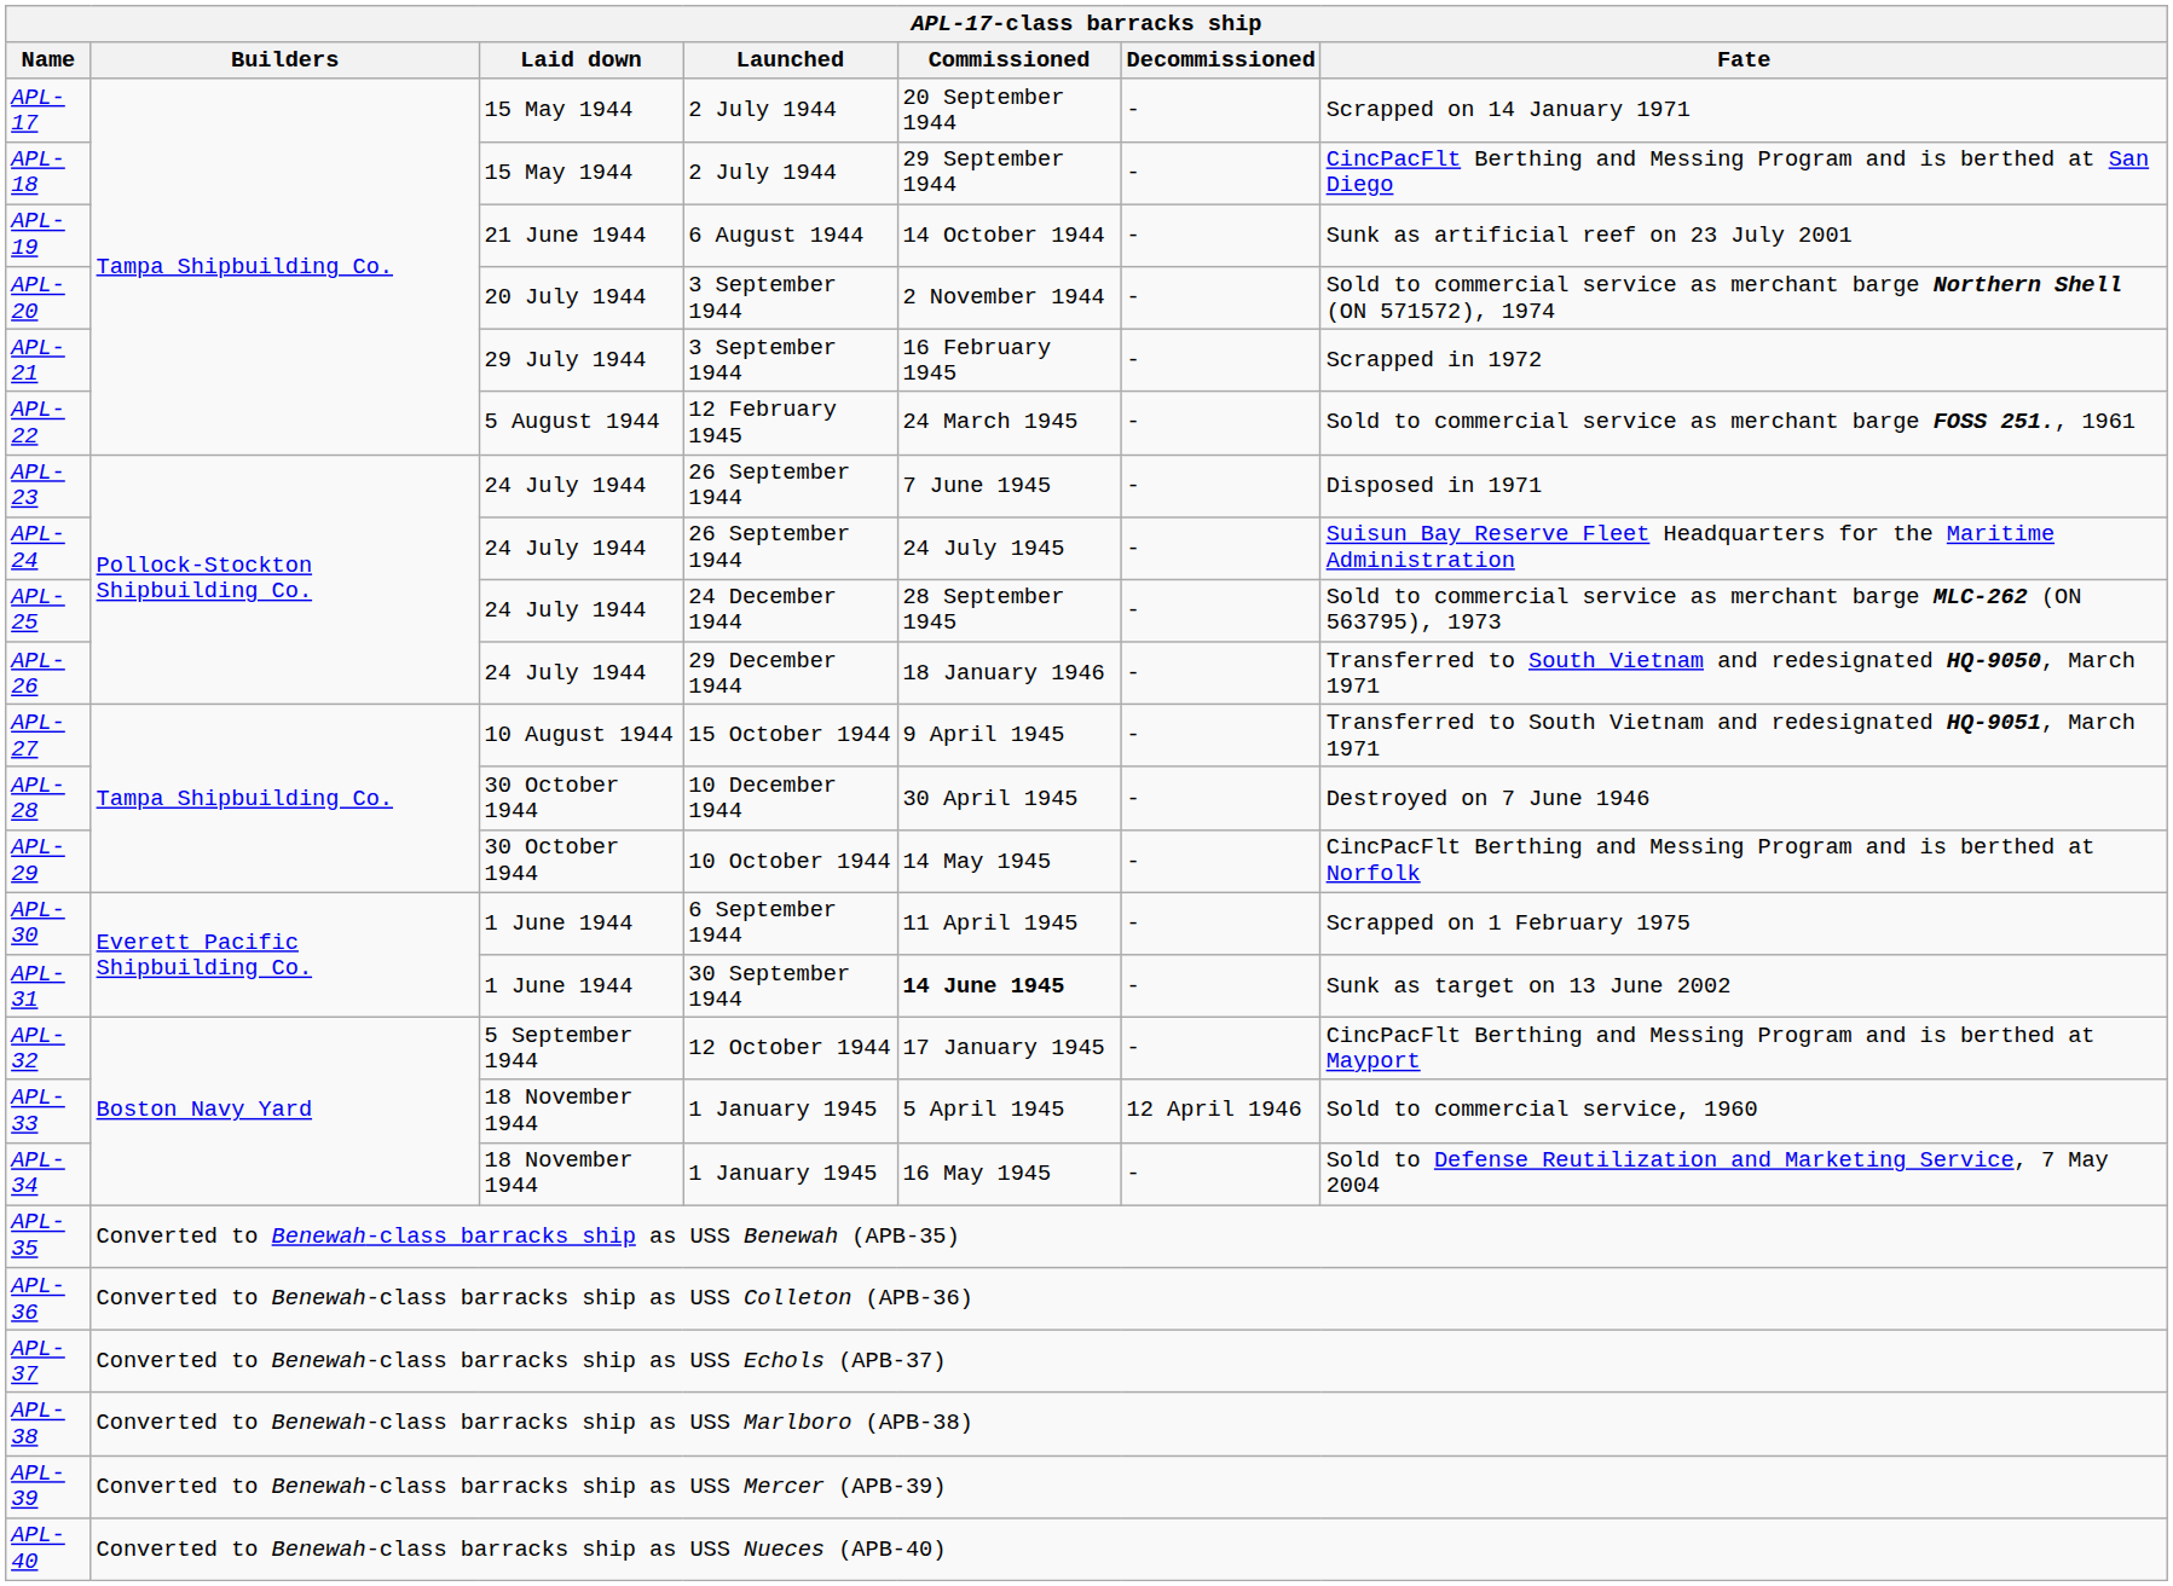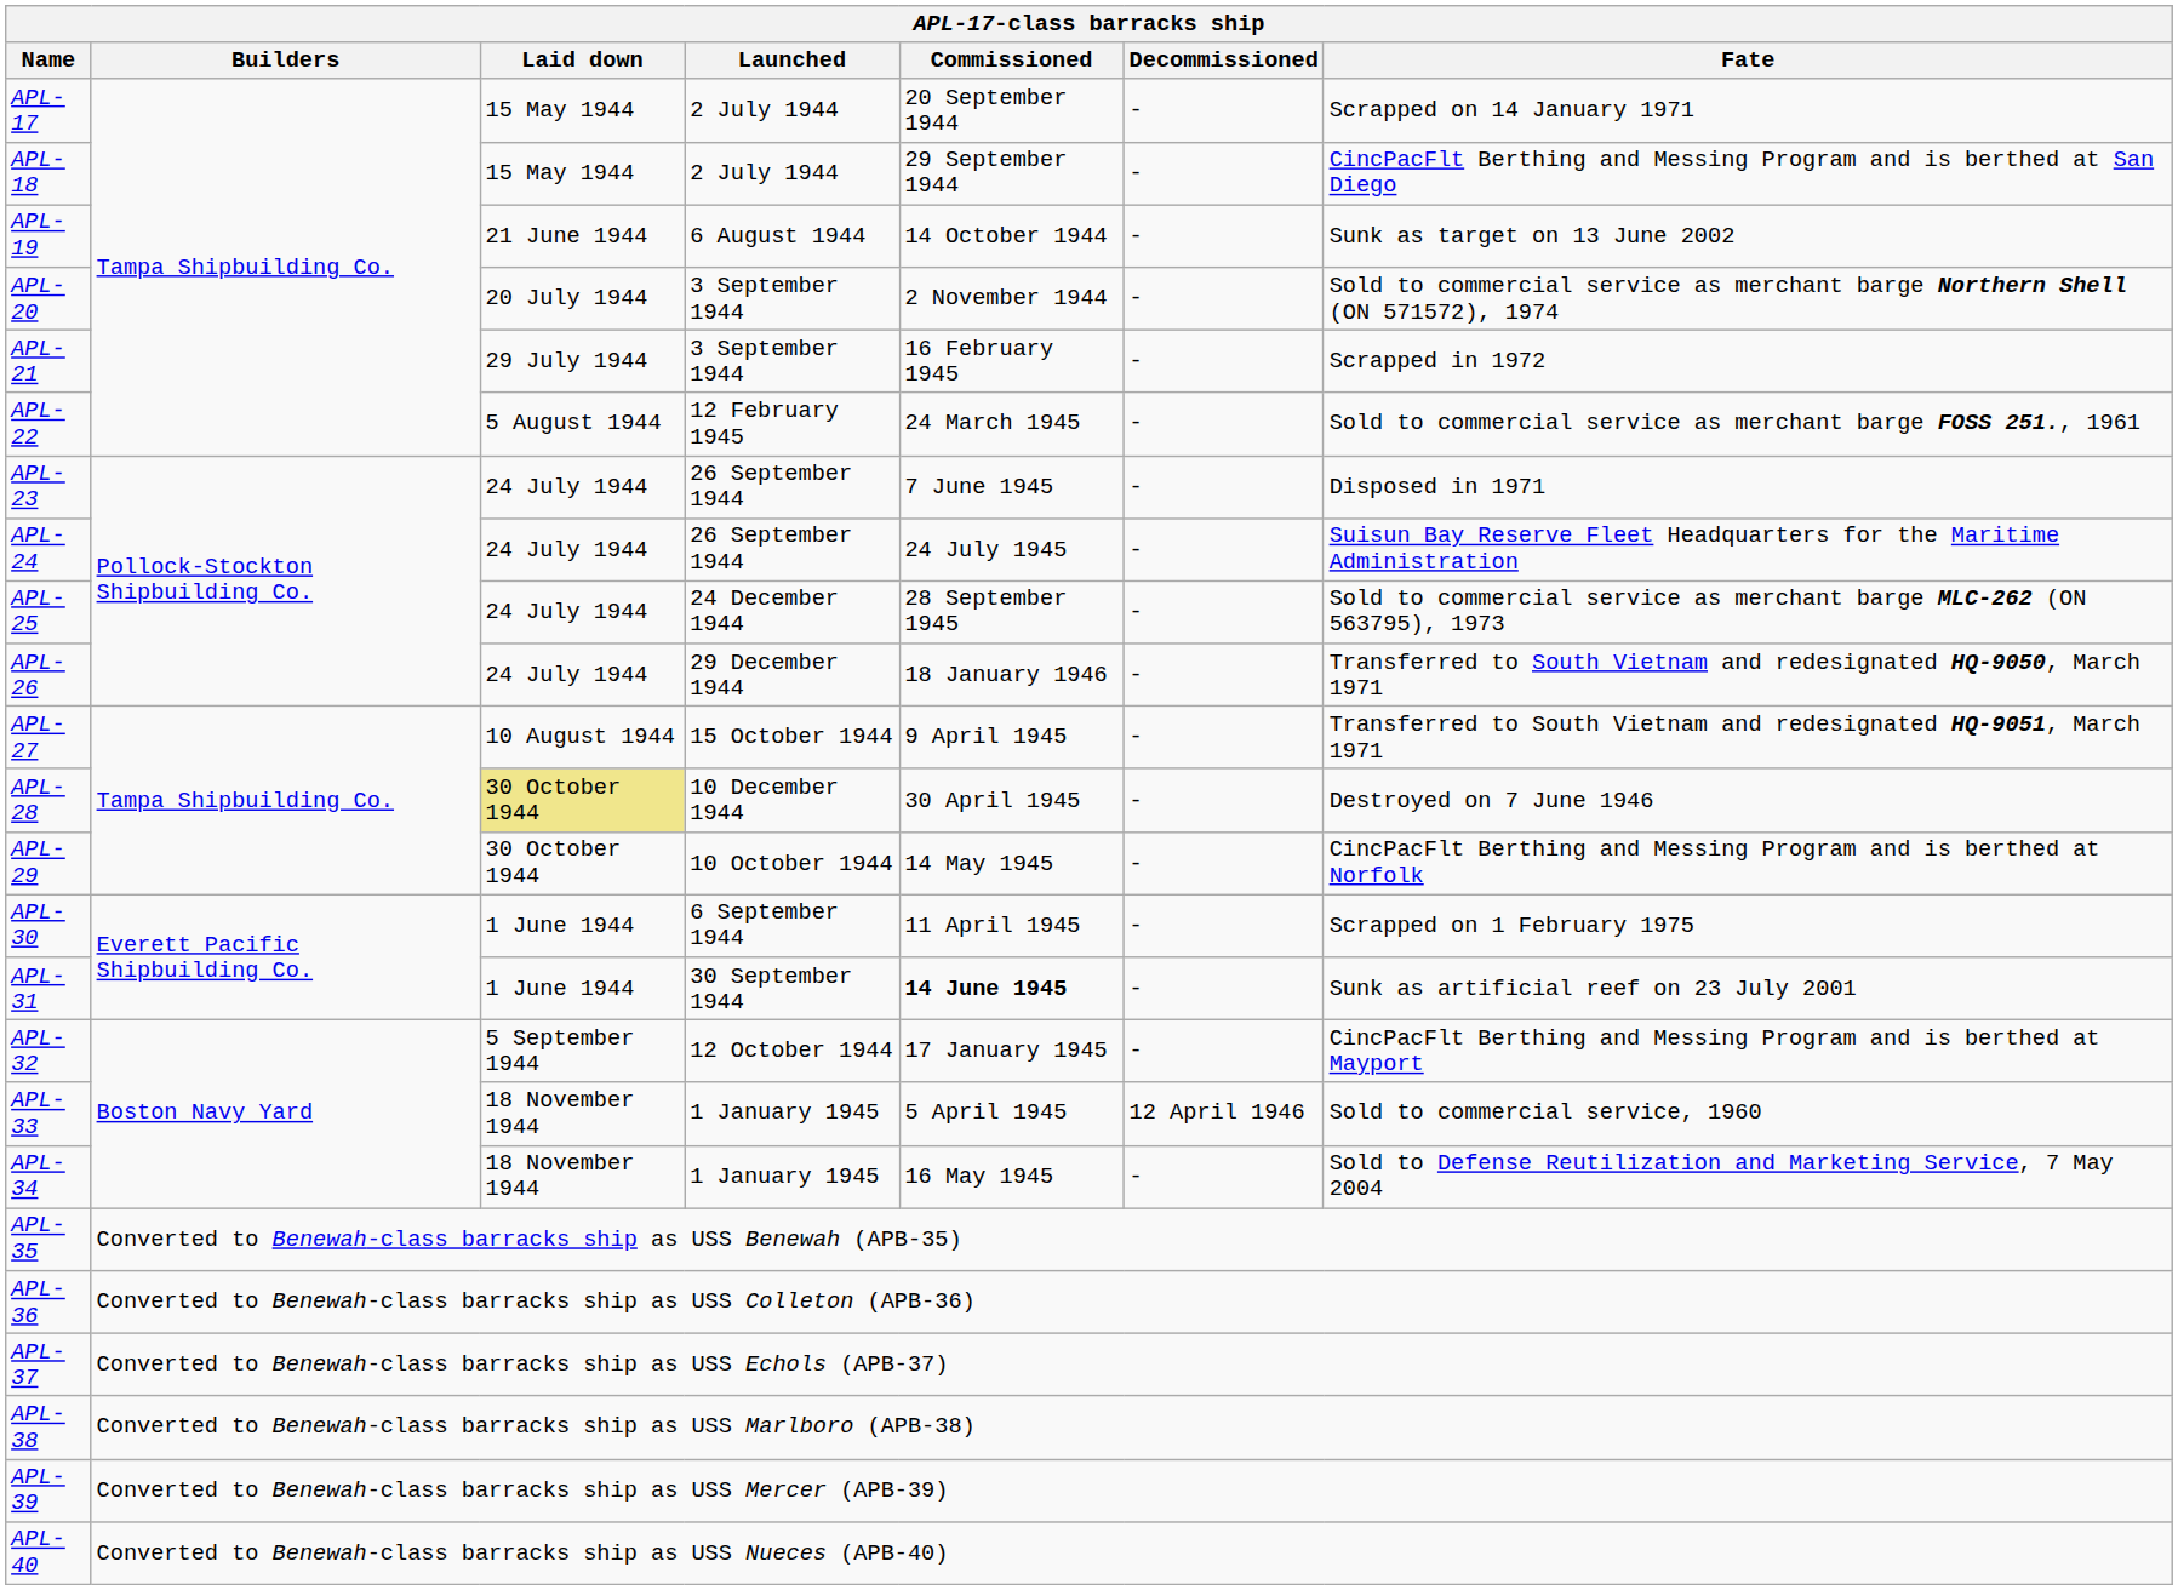 <table class="wikitable">
 <tr>
 <th colspan="7"><em>APL-17</em>-class barracks ship</th>
 </tr>
 <tr>
 <th>Name</th>
 <th>Builders</th>
 <th>Laid down</th>
 <th>Launched</th>
 <th>Commissioned</th>
 <th>Decommissioned</th>
 <th>Fate</th>
 </tr>
 <tr>
 <td><em><a href='#'>APL-17</a></em></td>
 <td rowspan="6"><a href='#'>Tampa Shipbuilding Co.</a></td>
 <td>15 May 1944</td>
 <td>2 July 1944</td>
 <td>20 September 1944</td>
 <td>-</td>
 <td>Scrapped on 14 January 1971</td>
 </tr>
 <tr>
 <td><em><a href='#'>APL-18</a></em></td>
 <td>15 May 1944</td>
 <td>2 July 1944</td>
 <td>29 September 1944</td>
 <td>-</td>
 <td><a href='#'>CincPacFlt</a> Berthing and Messing Program and is berthed at <a href='#'>San Diego</a></td>
 </tr>
 <tr>
 <td><em><a href='#'>APL-19</a></em></td>
 <td>21 June 1944</td>
 <td>6 August 1944</td>
 <td>14 October 1944</td>
 <td>-</td>
-<td>Sunk as artificial reef on 23 July 2001</td>
+<td>Sunk as target on 13 June 2002</td>
 </tr>
 <tr>
 <td><em><a href='#'>APL-20</a></em></td>
 <td>20 July 1944</td>
 <td>3 September 1944</td>
 <td>2 November 1944</td>
 <td>-</td>
 <td>Sold to commercial service as merchant barge <strong><em>Northern Shell</em></strong> (ON 571572), 1974</td>
 </tr>
 <tr>
 <td><em><a href='#'>APL-21</a></em></td>
 <td>29 July 1944</td>
 <td>3 September 1944</td>
 <td>16 February 1945</td>
 <td>-</td>
 <td>Scrapped in 1972</td>
 </tr>
 <tr>
 <td><em><a href='#'>APL-22</a></em></td>
 <td>5 August 1944</td>
 <td>12 February 1945</td>
 <td>24 March 1945</td>
 <td>-</td>
 <td>Sold to commercial service as merchant barge <strong><em>FOSS 251.</em></strong>, 1961</td>
 </tr>
 <tr>
 <td><em><a href='#'>APL-23</a></em></td>
 <td rowspan="4"><a href='#'>Pollock-Stockton Shipbuilding Co.</a></td>
 <td>24 July 1944</td>
 <td>26 September 1944</td>
 <td>7 June 1945</td>
 <td>-</td>
 <td>Disposed in 1971</td>
 </tr>
 <tr>
 <td><em><a href='#'>APL-24</a></em></td>
 <td>24 July 1944</td>
 <td>26 September 1944</td>
 <td>24 July 1945</td>
 <td>-</td>
 <td><a href='#'>Suisun Bay Reserve Fleet</a> Headquarters for the <a href='#'>Maritime Administration</a></td>
 </tr>
 <tr>
 <td><em><a href='#'>APL-25</a></em></td>
 <td>24 July 1944</td>
 <td>24 December 1944</td>
 <td>28 September 1945</td>
 <td>-</td>
 <td>Sold to commercial service as merchant barge <strong><em>MLC-262</em></strong> (ON 563795), 1973</td>
 </tr>
 <tr>
 <td><em><a href='#'>APL-26</a></em></td>
 <td>24 July 1944</td>
 <td>29 December 1944</td>
 <td>18 January 1946</td>
 <td>-</td>
 <td>Transferred to <a href='#'>South Vietnam</a> and redesignated <strong><em>HQ-9050</em></strong>, March 1971</td>
 </tr>
 <tr>
 <td><em><a href='#'>APL-27</a></em></td>
 <td rowspan="3"><a href='#'>Tampa Shipbuilding Co.</a></td>
 <td>10 August 1944</td>
 <td>15 October 1944</td>
 <td>9 April 1945</td>
 <td>-</td>
 <td>Transferred to South Vietnam and redesignated <strong><em>HQ-9051</em></strong>, March 1971</td>
 </tr>
 <tr>
 <td><em><a href='#'>APL-28</a></em></td>
-<td>30 October 1944</td>
+<td style="background: khaki;">30 October 1944</td>
 <td>10 December 1944</td>
 <td>30 April 1945</td>
 <td>-</td>
 <td>Destroyed on 7 June 1946</td>
 </tr>
 <tr>
 <td><em><a href='#'>APL-29</a></em></td>
 <td>30 October 1944</td>
 <td>10 October 1944</td>
 <td>14 May 1945</td>
 <td>-</td>
 <td>CincPacFlt Berthing and Messing Program and is berthed at <a href='#'>Norfolk</a></td>
 </tr>
 <tr>
 <td><em><a href='#'>APL-30</a></em></td>
 <td rowspan="2"><a href='#'>Everett Pacific Shipbuilding Co.</a></td>
 <td>1 June 1944</td>
 <td>6 September 1944</td>
 <td>11 April 1945</td>
 <td>-</td>
 <td>Scrapped on 1 February 1975</td>
 </tr>
 <tr>
 <td><em><a href='#'>APL-31</a></em></td>
 <td>1 June 1944</td>
 <td>30 September 1944</td>
 <td><strong>14 June 1945</strong></td>
 <td>-</td>
-<td>Sunk as target on 13 June 2002</td>
+<td>Sunk as artificial reef on 23 July 2001</td>
 </tr>
 <tr>
 <td><em><a href='#'>APL-32</a></em></td>
 <td rowspan="3"><a href='#'>Boston Navy Yard</a></td>
 <td>5 September 1944</td>
 <td>12 October 1944</td>
 <td>17 January 1945</td>
 <td>-</td>
 <td>CincPacFlt Berthing and Messing Program and is berthed at <a href='#'>Mayport</a></td>
 </tr>
 <tr>
 <td><em><a href='#'>APL-33</a></em></td>
 <td>18 November 1944</td>
 <td>1 January 1945</td>
 <td>5 April 1945</td>
 <td>12 April 1946</td>
 <td>Sold to commercial service, 1960</td>
 </tr>
 <tr>
 <td><em><a href='#'>APL-34</a></em></td>
 <td>18 November 1944</td>
 <td>1 January 1945</td>
 <td>16 May 1945</td>
 <td>-</td>
 <td>Sold to <a href='#'>Defense Reutilization and Marketing Service</a>, 7 May 2004</td>
 </tr>
 <tr>
 <td><em><a href='#'>APL-35</a></em></td>
 <td colspan="6">Converted to <a href='#'><em>Benewah</em>-class barracks ship</a> as USS <em>Benewah</em> (APB-35)</td>
 </tr>
 <tr>
 <td><em><a href='#'>APL-36</a></em></td>
 <td colspan="6">Converted to <em>Benewah</em>-class barracks ship as USS <em>Colleton</em> (APB-36)</td>
 </tr>
 <tr>
 <td><em><a href='#'>APL-37</a></em></td>
 <td colspan="6">Converted to <em>Benewah</em>-class barracks ship as USS <em>Echols</em> (APB-37)</td>
 </tr>
 <tr>
 <td><em><a href='#'>APL-38</a></em></td>
 <td colspan="6">Converted to <em>Benewah</em>-class barracks ship as USS <em>Marlboro</em> (APB-38)</td>
 </tr>
 <tr>
 <td><em><a href='#'>APL-39</a></em></td>
 <td colspan="6">Converted to <em>Benewah</em>-class barracks ship as USS <em>Mercer</em> (APB-39)</td>
 </tr>
 <tr>
 <td><em><a href='#'>APL-40</a></em></td>
 <td colspan="6">Converted to <em>Benewah</em>-class barracks ship as USS <em>Nueces</em> (APB-40)</td>
 </tr>
 </table>
